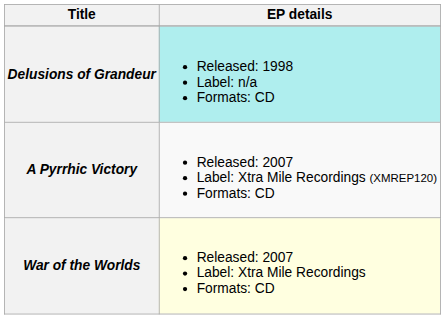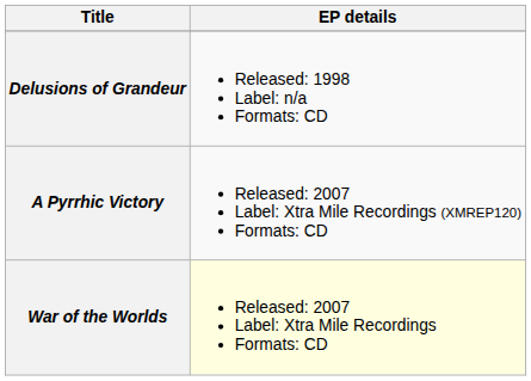 <table class="wikitable plainrowheaders">
 <tr>
 <th scope="col" colspan="1">Title</th>
 <th scope="col" colspan="2">EP details</th>
 </tr>
 <tr style=font-size:smaller;>
 </tr>
 <tr>
 <th scope="row"><em>Delusions of Grandeur</em></th>
-<td style="background: paleturquoise;"><br><ul><li>Released: 1998</li><li>Label: n/a</li><li>Formats: CD</li></ul></td>
+<td><br><ul><li>Released: 1998</li><li>Label: n/a</li><li>Formats: CD</li></ul></td>
 </tr>
 <tr>
 <th scope="row"><em>A Pyrrhic Victory</em></th>
 <td><br><ul><li>Released: 2007</li><li>Label: Xtra Mile Recordings <small>(XMREP120)</small></li><li>Formats: CD</li></ul></td>
 </tr>
 <tr>
 <th scope="row"><em>War of the Worlds</em></th>
 <td style="background: lightyellow;"><br><ul><li>Released: 2007</li><li>Label: Xtra Mile Recordings</li><li>Formats: CD</li></ul></td>
 </tr>
 </table>
